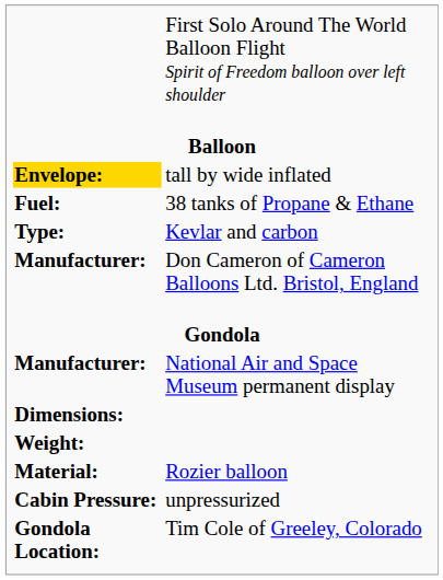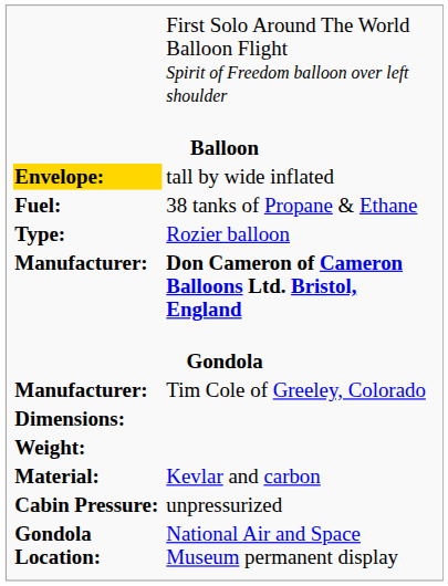 <table class="infobox" style="width: 21em; text-align: left;">
 <tr>
 <td></td>
 <td>First Solo Around The World Balloon Flight<br><small><em>Spirit of Freedom balloon over left shoulder</small></td>
 </tr>
 <tr>
 <th align= "center" colspan="2"><br><strong>Balloon</strong></th>
 </tr>
 <tr>
 <td style="background: gold;"><strong>Envelope:</strong></td>
 <td> tall by  wide inflated</td>
 </tr>
 <tr>
 <th>Fuel:</th>
 <td>38 tanks of <a href='#'>Propane</a> & <a href='#'>Ethane</a></td>
 </tr>
 <tr>
 <th>Type:</th>
-<td><a href='#'>Kevlar</a> and <a href='#'>carbon</a></td>
+<td><a href='#'>Rozier balloon</a></td>
 </tr>
 <tr>
 <th>Manufacturer:</th>
-<td>Don Cameron of <a href='#'>Cameron Balloons</a> Ltd. <a href='#'>Bristol, England</a></td>
+<td><strong>Don Cameron of <a href='#'>Cameron Balloons</a> Ltd. <a href='#'>Bristol, England</a></strong></td>
 </tr>
 <tr>
 <th align="center" colspan="2"><br><strong>Gondola</strong></th>
 </tr>
 <tr>
 <th>Manufacturer:</th>
-<td><a href='#'>National Air and Space Museum</a> permanent display</td>
+<td>Tim Cole of <a href='#'>Greeley, Colorado</a></td>
 </tr>
 <tr>
 <th>Dimensions:</th>
 <td></td>
 </tr>
 <tr>
 <th>Weight:</th>
 <td></td>
 </tr>
 <tr>
 <th>Material:</th>
-<td><a href='#'>Rozier balloon</a></td>
+<td><a href='#'>Kevlar</a> and <a href='#'>carbon</a></td>
 </tr>
 <tr>
 <th>Cabin Pressure:</th>
 <td>unpressurized</td>
 </tr>
 <tr>
 <th>Gondola Location:</th>
-<td>Tim Cole of <a href='#'>Greeley, Colorado</a></td>
+<td><a href='#'>National Air and Space Museum</a> permanent display</td>
 </tr>
 <tr>
 </tr>
 </table>
